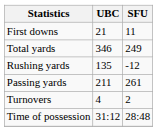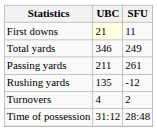 <table class="wikitable" style="float: left;">
 <tr>
 <th>Statistics</th>
 <th>UBC</th>
 <th>SFU</th>
 </tr>
 <tr>
 <td>First downs</td>
-<td>21</td>
+<td style="background: lightyellow;">21</td>
 <td>11</td>
 </tr>
 <tr>
 <td>Total yards</td>
 <td>346</td>
 <td>249</td>
 </tr>
 <tr>
+<td>Passing yards</td>
+<td>211</td>
+<td>261</td>
+</tr>
+<tr>
 <td>Rushing yards</td>
 <td>135</td>
 <td>-12</td>
-</tr>
-<tr>
-<td>Passing yards</td>
-<td>211</td>
-<td>261</td>
 </tr>
 <tr>
 <td>Turnovers</td>
 <td>4</td>
 <td>2</td>
 </tr>
 <tr>
 <td>Time of possession</td>
 <td>31:12</td>
 <td>28:48</td>
 </tr>
 <tr>
 </tr>
 </table>
